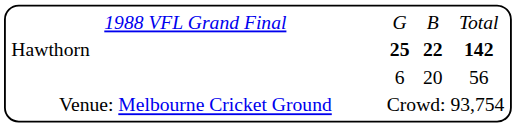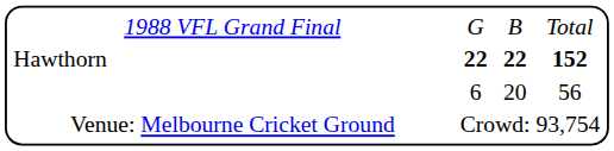 <table style="margin-right:4px; margin-top:8px; float:left; border:1px #000 solid; border-radius:8px; background:#fff; font-family:Verdana; font-size:8pt; text-align:center;">
 <tr>
 <td style="width:200px;"><em><a href='#'>1988 VFL Grand Final</a></em></td>
 <td><em>G</em></td>
 <td><em>B</em></td>
 <td><em>Total</em></td>
 </tr>
 <tr>
 <td style="text-align:left">Hawthorn</td>
-<td><strong>25</strong></td>
 <td><strong>22</strong></td>
-<td><strong>142</strong></td>
+<td><strong>22</strong></td>
+<td><strong>152</strong></td>
 </tr>
 <tr>
 <td style="text-align:left"></td>
 <td>6</td>
 <td>20</td>
 <td>56</td>
 </tr>
 <tr>
 <td>Venue: <a href='#'>Melbourne Cricket Ground</a></td>
 <td colspan="3">Crowd: 93,754</td>
 </tr>
 </table>
